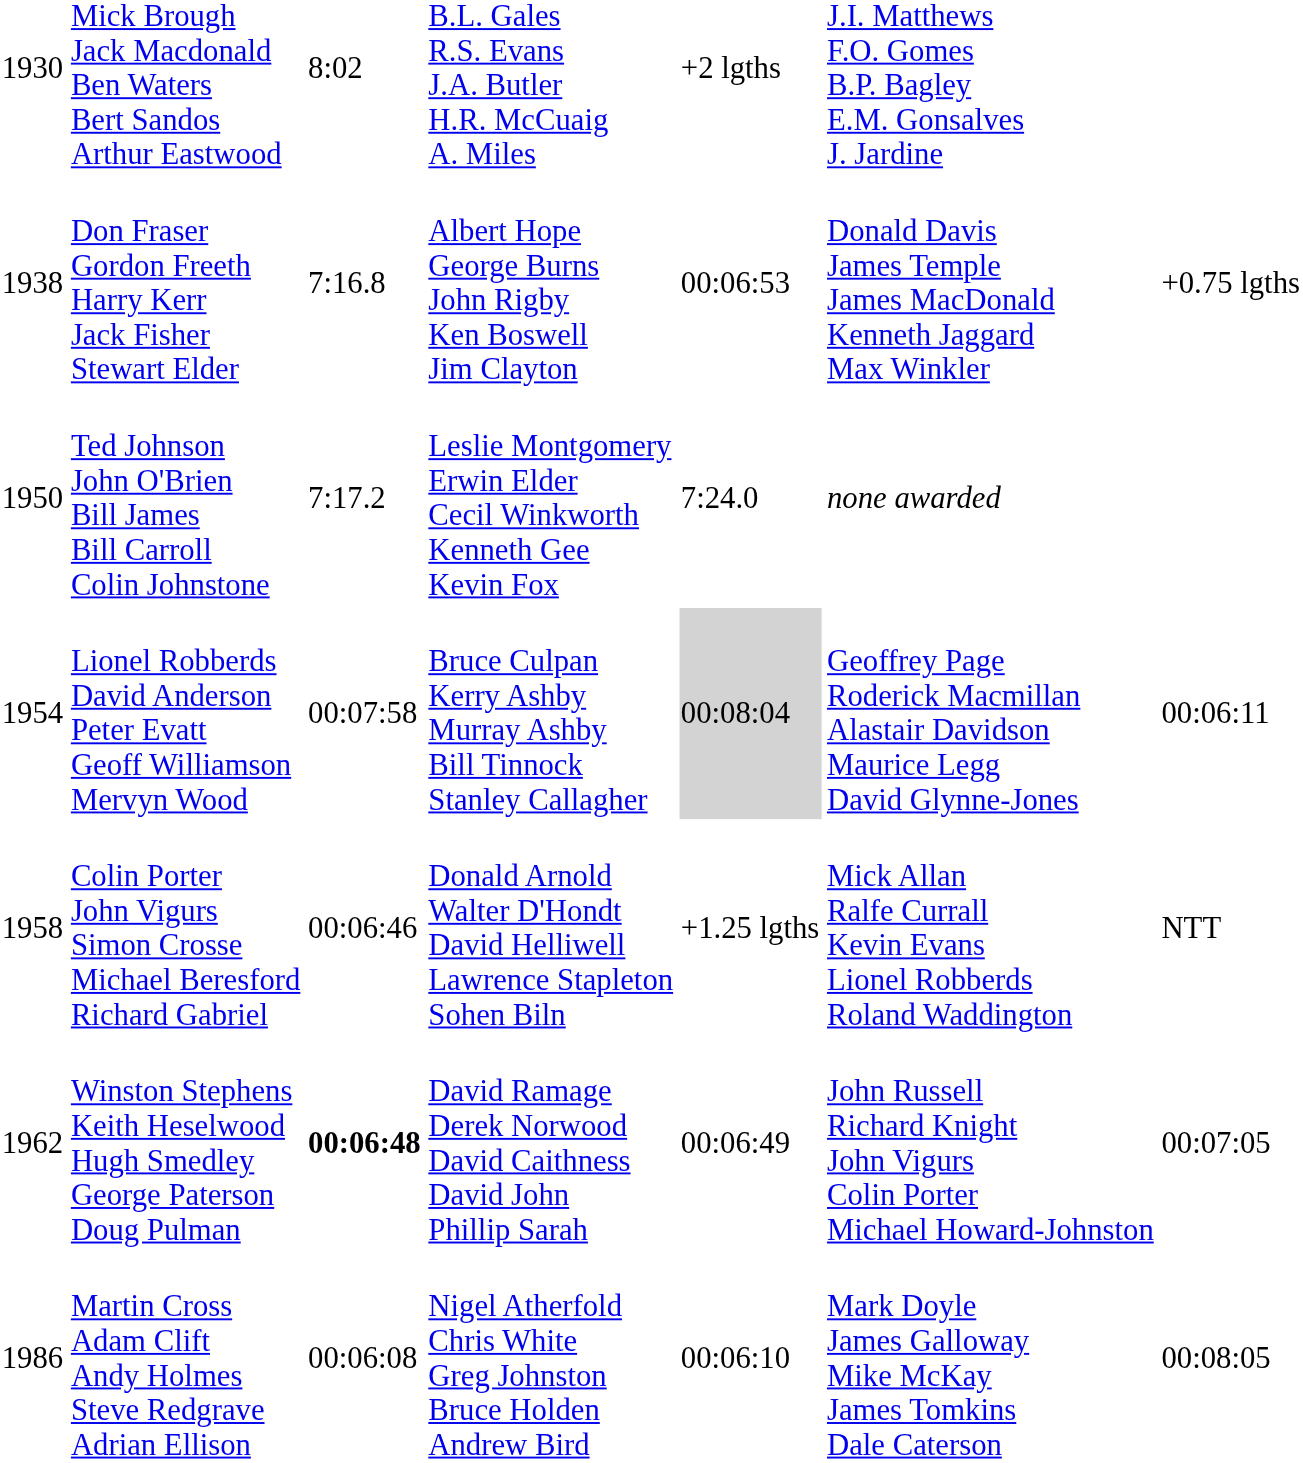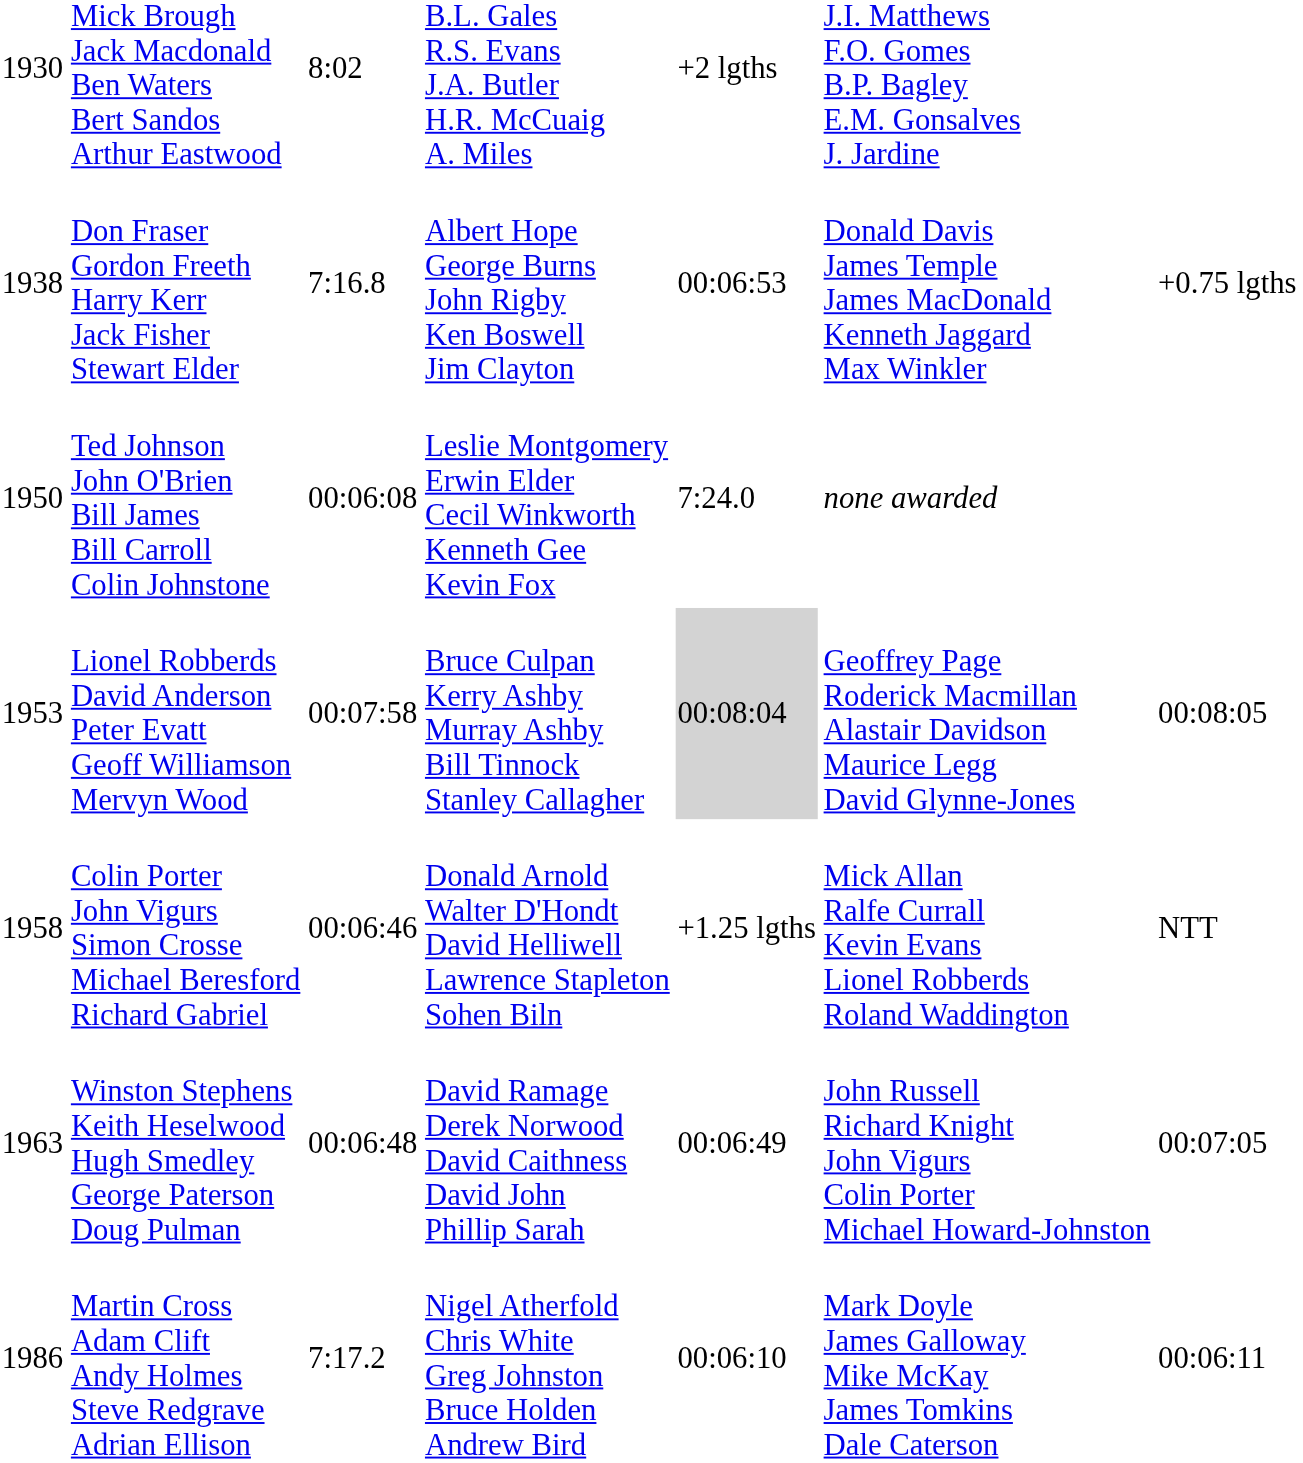 <table>
 <tr>
 <td>1930</td>
 <td><br><a href='#'>Mick Brough</a><br><a href='#'>Jack Macdonald</a><br><a href='#'>Ben Waters</a><br><a href='#'>Bert Sandos</a><br><a href='#'>Arthur Eastwood</a></td>
 <td>8:02</td>
 <td><br><a href='#'>B.L. Gales</a><br><a href='#'>R.S. Evans</a><br><a href='#'>J.A. Butler</a><br><a href='#'>H.R. McCuaig</a><br><a href='#'>A. Miles</a></td>
 <td>+2 lgths</td>
 <td><br><a href='#'>J.I. Matthews</a><br><a href='#'>F.O. Gomes</a><br><a href='#'>B.P. Bagley</a><br><a href='#'>E.M. Gonsalves</a><br><a href='#'>J. Jardine</a></td>
 <td></td>
 </tr>
 <tr>
 <td>1938</td>
 <td><br><a href='#'>Don Fraser</a><br><a href='#'>Gordon Freeth</a><br><a href='#'>Harry Kerr</a><br><a href='#'>Jack Fisher</a><br><a href='#'>Stewart Elder</a></td>
 <td>7:16.8</td>
 <td><br><a href='#'>Albert Hope</a><br><a href='#'>George Burns</a><br><a href='#'>John Rigby</a><br><a href='#'>Ken Boswell</a><br><a href='#'>Jim Clayton</a></td>
 <td>00:06:53</td>
 <td><br><a href='#'>Donald Davis</a><br><a href='#'>James Temple</a><br><a href='#'>James MacDonald</a><br><a href='#'>Kenneth Jaggard</a><br><a href='#'>Max Winkler</a></td>
 <td>+0.75 lgths</td>
 </tr>
 <tr>
 <td>1950</td>
 <td><br><a href='#'>Ted Johnson</a><br><a href='#'>John O'Brien</a><br><a href='#'>Bill James</a><br><a href='#'>Bill Carroll</a><br><a href='#'>Colin Johnstone</a></td>
-<td>7:17.2</td>
+<td>00:06:08</td>
 <td><br><a href='#'>Leslie Montgomery</a><br><a href='#'>Erwin Elder</a><br><a href='#'>Cecil Winkworth</a><br><a href='#'>Kenneth Gee</a><br><a href='#'>Kevin Fox</a></td>
 <td>7:24.0</td>
 <td colspan="2"><em>none awarded</em></td>
 </tr>
 <tr>
-<td>1954</td>
+<td>1953</td>
 <td><br><a href='#'>Lionel Robberds</a><br><a href='#'>David Anderson</a><br><a href='#'>Peter Evatt</a><br><a href='#'>Geoff Williamson</a><br><a href='#'>Mervyn Wood</a></td>
 <td>00:07:58</td>
 <td><br><a href='#'>Bruce Culpan</a><br><a href='#'>Kerry Ashby</a><br><a href='#'>Murray Ashby</a><br><a href='#'>Bill Tinnock</a><br><a href='#'>Stanley Callagher</a></td>
 <td style="background: lightgrey;">00:08:04</td>
 <td><br><a href='#'>Geoffrey Page</a><br><a href='#'>Roderick Macmillan</a><br><a href='#'>Alastair Davidson</a><br><a href='#'>Maurice Legg</a><br><a href='#'>David Glynne-Jones</a></td>
-<td>00:06:11</td>
+<td>00:08:05</td>
 </tr>
 <tr>
 <td>1958</td>
 <td><br><a href='#'>Colin Porter</a><br><a href='#'>John Vigurs</a><br><a href='#'>Simon Crosse</a><br><a href='#'>Michael Beresford</a><br><a href='#'>Richard Gabriel</a></td>
 <td>00:06:46</td>
 <td><br><a href='#'>Donald Arnold</a><br><a href='#'>Walter D'Hondt</a><br><a href='#'>David Helliwell</a><br><a href='#'>Lawrence Stapleton</a><br><a href='#'>Sohen Biln</a></td>
 <td>+1.25 lgths</td>
 <td><br><a href='#'>Mick Allan</a><br><a href='#'>Ralfe Currall</a><br><a href='#'>Kevin Evans</a><br><a href='#'>Lionel Robberds</a><br><a href='#'>Roland Waddington</a></td>
 <td>NTT</td>
 </tr>
 <tr>
-<td>1962</td>
+<td>1963</td>
 <td><br><a href='#'>Winston Stephens</a><br><a href='#'>Keith Heselwood</a><br><a href='#'>Hugh Smedley</a><br><a href='#'>George Paterson</a><br><a href='#'>Doug Pulman</a></td>
-<td><strong>00:06:48</strong></td>
+<td>00:06:48</td>
 <td><br><a href='#'>David Ramage</a><br><a href='#'>Derek Norwood</a><br><a href='#'>David Caithness</a><br><a href='#'>David John</a><br><a href='#'>Phillip Sarah</a></td>
 <td>00:06:49</td>
 <td><br><a href='#'>John Russell</a><br><a href='#'>Richard Knight</a><br><a href='#'>John Vigurs</a><br><a href='#'>Colin Porter</a><br><a href='#'>Michael Howard-Johnston</a></td>
 <td>00:07:05</td>
 </tr>
 <tr>
 <td>1986</td>
 <td><br><a href='#'>Martin Cross</a><br><a href='#'>Adam Clift</a><br><a href='#'>Andy Holmes</a><br><a href='#'>Steve Redgrave</a><br><a href='#'>Adrian Ellison</a></td>
-<td>00:06:08</td>
+<td>7:17.2</td>
 <td><br><a href='#'>Nigel Atherfold</a><br><a href='#'>Chris White</a><br><a href='#'>Greg Johnston</a><br><a href='#'>Bruce Holden</a><br><a href='#'>Andrew Bird</a></td>
 <td>00:06:10</td>
 <td><br><a href='#'>Mark Doyle</a><br><a href='#'>James Galloway</a><br><a href='#'>Mike McKay</a><br><a href='#'>James Tomkins</a><br><a href='#'>Dale Caterson</a></td>
-<td>00:08:05</td>
+<td>00:06:11</td>
 </tr>
 </table>
